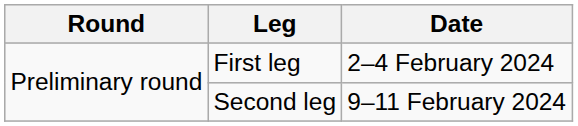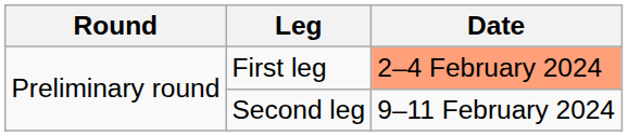 <table class="wikitable">
 <tr>
 <th>Round</th>
 <th>Leg</th>
 <th>Date</th>
 </tr>
 <tr>
 <td rowspan=2>Preliminary round</td>
 <td>First leg</td>
-<td>2–4 February 2024</td>
+<td style="background: lightsalmon;">2–4 February 2024</td>
 </tr>
 <tr>
 <td>Second leg</td>
 <td>9–11 February 2024</td>
 </tr>
 </table>
